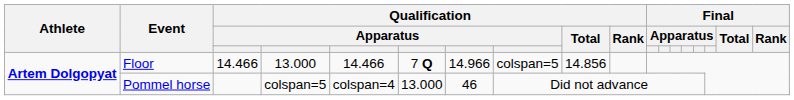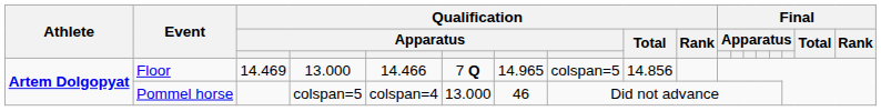 <table class="wikitable" style="font-size:90%">
 <tr>
 <th rowspan=3>Athlete</th>
 <th rowspan=3>Event</th>
 <th colspan =8>Qualification</th>
 <th colspan =8>Final</th>
 </tr>
 <tr style="font-size:95%">
 <th colspan=6>Apparatus</th>
 <th rowspan=2>Total</th>
 <th rowspan=2>Rank</th>
 <th colspan=6>Apparatus</th>
 <th rowspan=2>Total</th>
 <th rowspan=2>Rank</th>
 </tr>
 <tr style="font-size:95%">
 <th></th>
 <th></th>
 <th></th>
 <th></th>
 <th></th>
 <th></th>
 <th></th>
 <th></th>
 <th></th>
 <th></th>
 <th></th>
 <th></th>
 </tr>
 <tr align=center>
 <td align=left rowspan=2><strong><a href='#'>Artem Dolgopyat</a></strong></td>
 <td align=left><a href='#'>Floor</a></td>
-<td>14.466</td>
+<td>14.469</td>
 <td>13.000</td>
 <td>14.466</td>
 <td>7 <strong>Q</strong></td>
-<td>14.966</td>
+<td>14.965</td>
 <td>colspan=5 </td>
 <td>14.856</td>
 <td></td>
 </tr>
 <tr align=center>
 <td align=left><a href='#'>Pommel horse</a></td>
 <td></td>
 <td>colspan=5 </td>
 <td>colspan=4 </td>
 <td>13.000</td>
 <td>46</td>
 <td colspan=8>Did not advance</td>
 </tr>
 </table>
